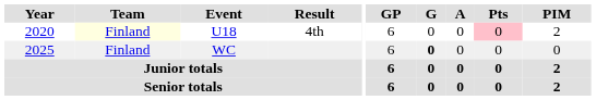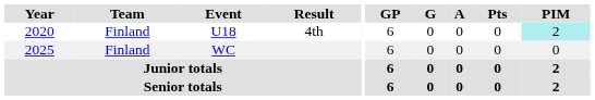 <table border="0" cellpadding="1" cellspacing="0" ID="Table3" style="text-align:center; width:40em">
 <tr ALIGN="center" bgcolor="#e0e0e0">
 <th>Year</th>
 <th>Team</th>
 <th>Event</th>
 <th>Result</th>
 <th rowspan="99" bgcolor="#ffffff"></th>
 <th>GP</th>
 <th>G</th>
 <th>A</th>
 <th>Pts</th>
 <th>PIM</th>
 </tr>
 <tr>
 <td><a href='#'>2020</a></td>
-<td style="background: lightyellow;"><a href='#'>Finland</a></td>
+<td><a href='#'>Finland</a></td>
 <td><a href='#'>U18</a></td>
 <td>4th</td>
 <td>6</td>
 <td>0</td>
 <td>0</td>
-<td style="background: pink;">0</td>
-<td>2</td>
+<td>0</td>
+<td style="background: paleturquoise;">2</td>
 </tr>
 <tr bgcolor="#f0f0f0">
 <td><a href='#'>2025</a></td>
 <td><a href='#'>Finland</a></td>
 <td><a href='#'>WC</a></td>
 <td></td>
 <td>6</td>
-<td><strong>0</strong></td>
+<td>0</td>
 <td>0</td>
 <td>0</td>
 <td>0</td>
 </tr>
 <tr bgcolor="#e0e0e0">
 <th colspan="4">Junior totals</th>
 <th>6</th>
 <th>0</th>
 <th>0</th>
 <th>0</th>
 <th>2</th>
 </tr>
 <tr bgcolor="#e0e0e0">
 <th colspan="4">Senior totals</th>
 <th>6</th>
 <th>0</th>
 <th>0</th>
 <th>0</th>
 <th>2</th>
 </tr>
 </table>
